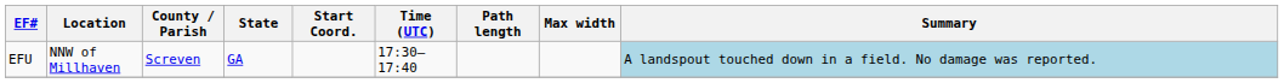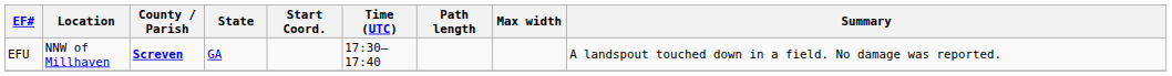 <table class="wikitable sortable" style="width:100%;">
 <tr>
 <th scope="col"  style="width:3%; text-align:center;"><a href='#'>EF#</a></th>
 <th scope="col"  style="width:7%; text-align:center;" class="unsortable">Location</th>
 <th scope="col"  style="width:6%; text-align:center;" class="unsortable">County / Parish</th>
 <th scope="col"  style="width:5%; text-align:center;">State</th>
 <th scope="col"  style="width:6%; text-align:center;">Start Coord.</th>
 <th scope="col"  style="width:6%; text-align:center;">Time (<a href='#'>UTC</a>)</th>
 <th scope="col"  style="width:6%; text-align:center;">Path length</th>
 <th scope="col"  style="width:6%; text-align:center;">Max width</th>
 <th scope="col" class="unsortable" style="width:48%; text-align:center;">Summary</th>
 </tr>
 <tr>
 <td>EFU</td>
 <td>NNW of <a href='#'>Millhaven</a></td>
-<td><a href='#'>Screven</a></td>
+<td><strong><a href='#'>Screven</a></strong></td>
 <td><a href='#'>GA</a></td>
 <td></td>
 <td>17:30–17:40</td>
 <td></td>
 <td></td>
-<td style="background: lightblue;">A landspout touched down in a field. No damage was reported.</td>
+<td>A landspout touched down in a field. No damage was reported.</td>
 </tr>
 <tr>
 </tr>
 </table>
